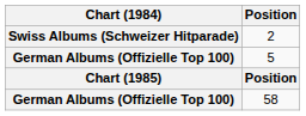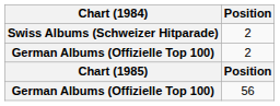 <table class="wikitable plainrowheaders" style="text-align:center">
 <tr>
 <th scope="col">Chart (1984)</th>
 <th scope="col">Position</th>
 </tr>
 <tr>
 <th scope="row">Swiss Albums (Schweizer Hitparade)</th>
 <td>2</td>
 </tr>
 <tr>
 <th scope="row">German Albums (Offizielle Top 100)</th>
-<td>5</td>
+<td>2</td>
 </tr>
 <tr>
 <th scope="col">Chart (1985)</th>
 <th scope="col">Position</th>
 </tr>
 <tr>
 <th scope="row">German Albums (Offizielle Top 100)</th>
-<td>58</td>
+<td>56</td>
 </tr>
 </table>
